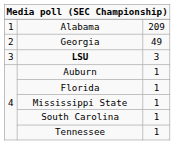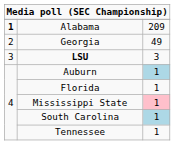 <table class="wikitable">
 <tr align="center">
 <td align="center" Colspan="3"><strong>Media poll (SEC Championship)</strong></td>
 </tr>
 <tr align="center">
 </tr>
 <tr align="center">
-<td>1</td>
+<td><strong>1</strong></td>
 <td>Alabama</td>
 <td>209</td>
 </tr>
 <tr align="center">
 <td>2</td>
 <td>Georgia</td>
 <td>49</td>
 </tr>
 <tr align="center">
 <td>3</td>
 <td><strong>LSU</strong></td>
 <td>3</td>
 </tr>
 <tr align="center">
 <td rowspan="5">4</td>
 <td>Auburn</td>
-<td>1</td>
+<td style="background: lightblue;">1</td>
 </tr>
 <tr align="center">
 <td>Florida</td>
 <td>1</td>
 </tr>
 <tr align="center">
 <td>Mississippi State</td>
-<td>1</td>
+<td style="background: pink;">1</td>
 </tr>
 <tr align="center">
 <td>South Carolina</td>
-<td>1</td>
+<td style="background: lightblue;">1</td>
 </tr>
 <tr align="center">
 <td>Tennessee</td>
 <td>1</td>
 </tr>
 </table>
